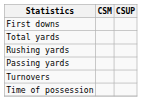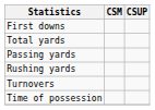 <table class="wikitable">
 <tr>
 <th>Statistics</th>
 <th>CSM</th>
 <th>CSUP</th>
 </tr>
 <tr>
 <td>First downs</td>
 <td></td>
 <td></td>
 </tr>
 <tr>
 <td>Total yards</td>
 <td></td>
 <td></td>
 </tr>
 <tr>
-<td>Rushing yards</td>
+<td>Passing yards</td>
 <td></td>
 <td></td>
 </tr>
 <tr>
-<td>Passing yards</td>
+<td>Rushing yards</td>
 <td></td>
 <td></td>
 </tr>
 <tr>
 <td>Turnovers</td>
 <td></td>
 <td></td>
 </tr>
 <tr>
 <td>Time of possession</td>
 <td></td>
 <td></td>
 </tr>
 <tr>
 </tr>
 </table>
